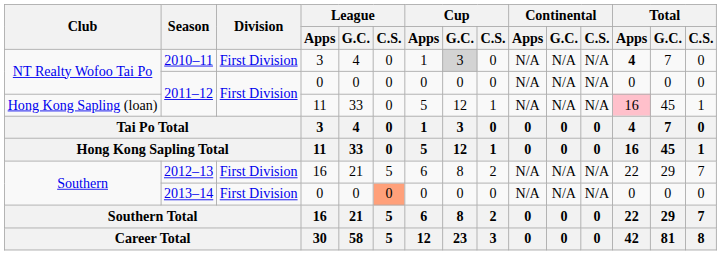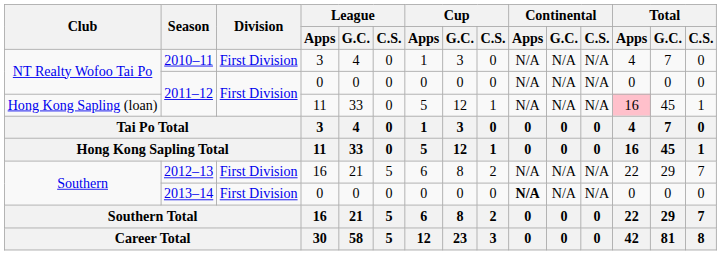 <table class="wikitable" style="text-align: center;">
 <tr>
 <th rowspan="2">Club</th>
 <th rowspan="2">Season</th>
 <th rowspan="2">Division</th>
 <th colspan="3">League</th>
 <th colspan="3">Cup</th>
 <th colspan="3">Continental</th>
 <th colspan="3">Total</th>
 </tr>
 <tr>
 <th>Apps</th>
 <th>G.C.</th>
 <th>C.S.</th>
 <th>Apps</th>
 <th>G.C.</th>
 <th>C.S.</th>
 <th>Apps</th>
 <th>G.C.</th>
 <th>C.S.</th>
 <th>Apps</th>
 <th>G.C.</th>
 <th>C.S.</th>
 </tr>
 <tr>
 <td rowspan="2" valign="center"><a href='#'>NT Realty Wofoo Tai Po</a></td>
 <td><a href='#'>2010–11</a></td>
 <td><a href='#'>First Division</a></td>
 <td>3</td>
 <td>4</td>
 <td>0</td>
 <td>1</td>
-<td style="background: lightgrey;">3</td>
+<td>3</td>
 <td>0</td>
 <td>N/A</td>
 <td>N/A</td>
 <td>N/A</td>
-<td><strong>4</strong></td>
+<td>4</td>
 <td>7</td>
 <td>0</td>
 </tr>
 <tr>
 <td rowspan="2" valign="center"><a href='#'>2011–12</a></td>
 <td rowspan="2" valign="center"><a href='#'>First Division</a></td>
 <td>0</td>
 <td>0</td>
 <td>0</td>
 <td>0</td>
 <td>0</td>
 <td>0</td>
 <td>N/A</td>
 <td>N/A</td>
 <td>N/A</td>
 <td>0</td>
 <td>0</td>
 <td>0</td>
 </tr>
 <tr>
 <td rowspan="1" valign="center"><a href='#'>Hong Kong Sapling</a> (loan)</td>
 <td>11</td>
 <td>33</td>
 <td>0</td>
 <td>5</td>
 <td>12</td>
 <td>1</td>
 <td>N/A</td>
 <td>N/A</td>
 <td>N/A</td>
 <td style="background: pink;">16</td>
 <td>45</td>
 <td>1</td>
 </tr>
 <tr>
 <th colspan="3">Tai Po Total</th>
 <th>3</th>
 <th>4</th>
 <th>0</th>
 <th>1</th>
 <th>3</th>
 <th>0</th>
 <th>0</th>
 <th>0</th>
 <th>0</th>
 <th>4</th>
 <th>7</th>
 <th>0</th>
 </tr>
 <tr>
 <th colspan="3">Hong Kong Sapling Total</th>
 <th>11</th>
 <th>33</th>
 <th>0</th>
 <th>5</th>
 <th>12</th>
 <th>1</th>
 <th>0</th>
 <th>0</th>
 <th>0</th>
 <th>16</th>
 <th>45</th>
 <th>1</th>
 </tr>
 <tr>
 <td rowspan="2" valign="center"><a href='#'>Southern</a></td>
 <td><a href='#'>2012–13</a></td>
 <td><a href='#'>First Division</a></td>
 <td>16</td>
 <td>21</td>
 <td>5</td>
 <td>6</td>
 <td>8</td>
 <td>2</td>
 <td>N/A</td>
 <td>N/A</td>
 <td>N/A</td>
 <td>22</td>
 <td>29</td>
 <td>7</td>
 </tr>
 <tr>
 <td><a href='#'>2013–14</a></td>
 <td><a href='#'>First Division</a></td>
 <td>0</td>
 <td>0</td>
-<td style="background: lightsalmon;">0</td>
 <td>0</td>
 <td>0</td>
 <td>0</td>
-<td>N/A</td>
+<td>0</td>
+<td><strong>N/A</strong></td>
 <td>N/A</td>
 <td>N/A</td>
 <td>0</td>
 <td>0</td>
 <td>0</td>
 </tr>
 <tr>
 <th colspan="3">Southern Total</th>
 <th>16</th>
 <th>21</th>
 <th>5</th>
 <th>6</th>
 <th>8</th>
 <th>2</th>
 <th>0</th>
 <th>0</th>
 <th>0</th>
 <th>22</th>
 <th>29</th>
 <th>7</th>
 </tr>
 <tr>
 <th colspan="3">Career Total</th>
 <th>30</th>
 <th>58</th>
 <th>5</th>
 <th>12</th>
 <th>23</th>
 <th>3</th>
 <th>0</th>
 <th>0</th>
 <th>0</th>
 <th>42</th>
 <th>81</th>
 <th>8</th>
 </tr>
 </table>
